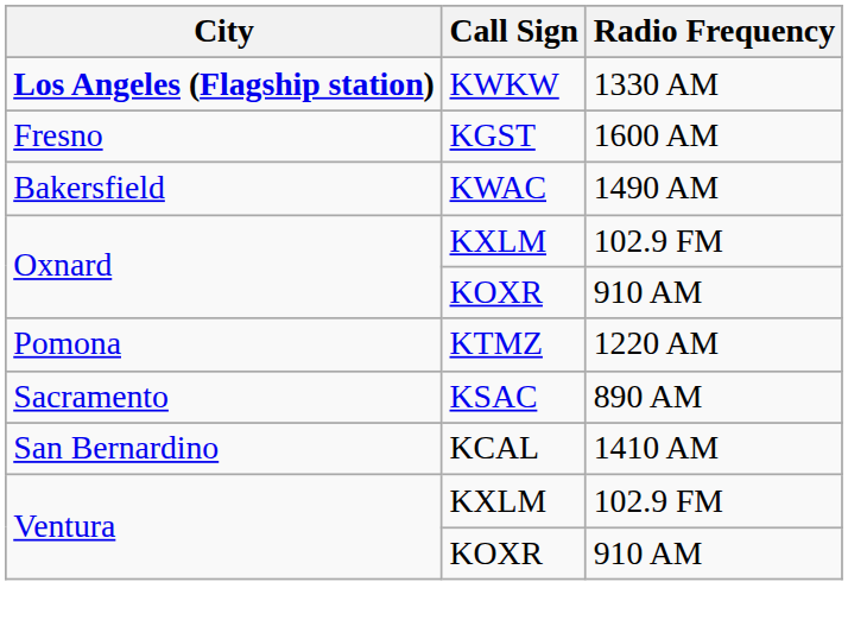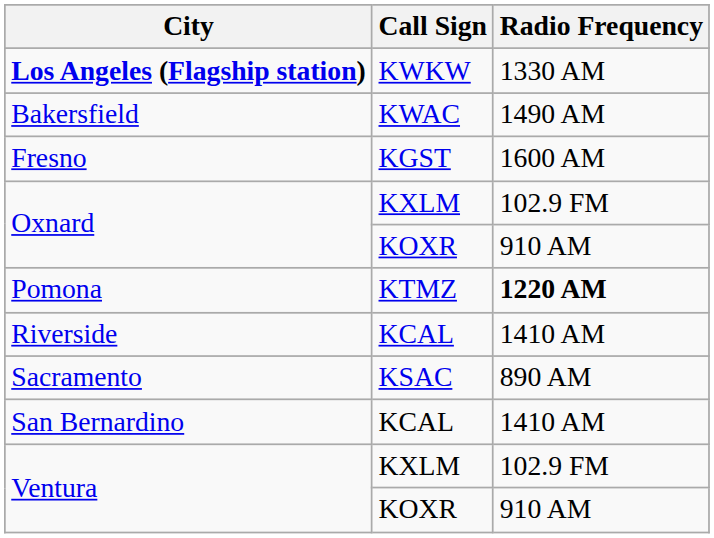 <table class="wikitable">
 <tr>
 <th>City</th>
 <th>Call Sign</th>
 <th>Radio Frequency</th>
 </tr>
 <tr>
 <td><strong><a href='#'>Los Angeles</a></strong> <strong>(<a href='#'>Flagship station</a>)</strong></td>
 <td><a href='#'>KWKW</a></td>
 <td>1330 AM</td>
 </tr>
 <tr>
+<td><a href='#'>Bakersfield</a></td>
+<td><a href='#'>KWAC</a></td>
+<td>1490 AM</td>
+</tr>
+<tr>
 <td><a href='#'>Fresno</a></td>
 <td><a href='#'>KGST</a></td>
 <td>1600 AM</td>
-</tr>
-<tr>
-<td><a href='#'>Bakersfield</a></td>
-<td><a href='#'>KWAC</a></td>
-<td>1490 AM</td>
 </tr>
 <tr>
 <td rowspan=2><a href='#'>Oxnard</a></td>
 <td><a href='#'>KXLM</a></td>
 <td>102.9 FM</td>
 </tr>
 <tr>
 <td><a href='#'>KOXR</a></td>
 <td>910 AM</td>
 </tr>
 <tr>
 <td><a href='#'>Pomona</a></td>
 <td><a href='#'>KTMZ</a></td>
-<td>1220 AM</td>
+<td><strong>1220 AM</strong></td>
+</tr>
+<tr>
+<td><a href='#'>Riverside</a></td>
+<td><a href='#'>KCAL</a></td>
+<td>1410 AM</td>
 </tr>
 <tr>
 <td><a href='#'>Sacramento</a></td>
 <td><a href='#'>KSAC</a></td>
 <td>890 AM</td>
 </tr>
 <tr>
 <td><a href='#'>San Bernardino</a></td>
 <td>KCAL</td>
 <td>1410 AM</td>
 </tr>
 <tr>
 <td rowspan=2><a href='#'>Ventura</a></td>
 <td>KXLM</td>
 <td>102.9 FM</td>
 </tr>
 <tr>
 <td>KOXR</td>
 <td>910 AM</td>
 </tr>
 </table>
